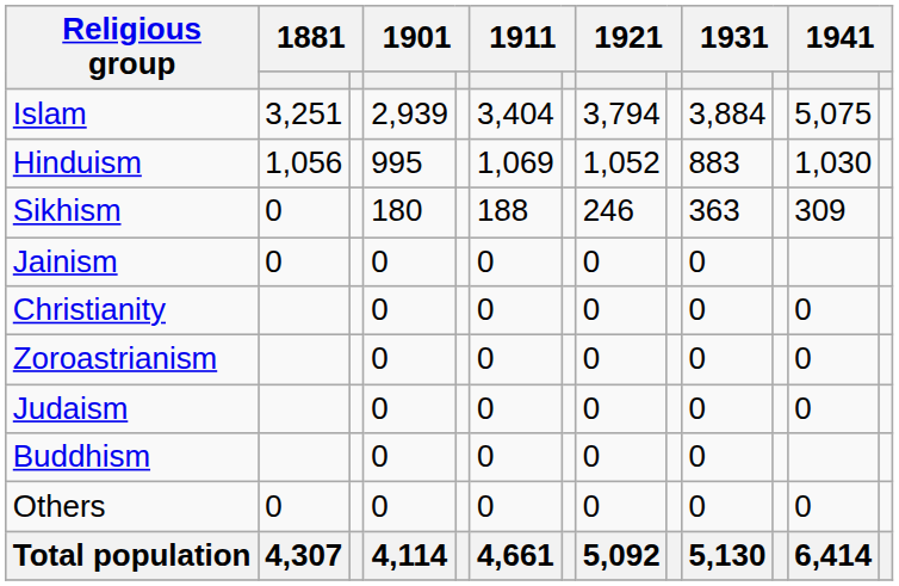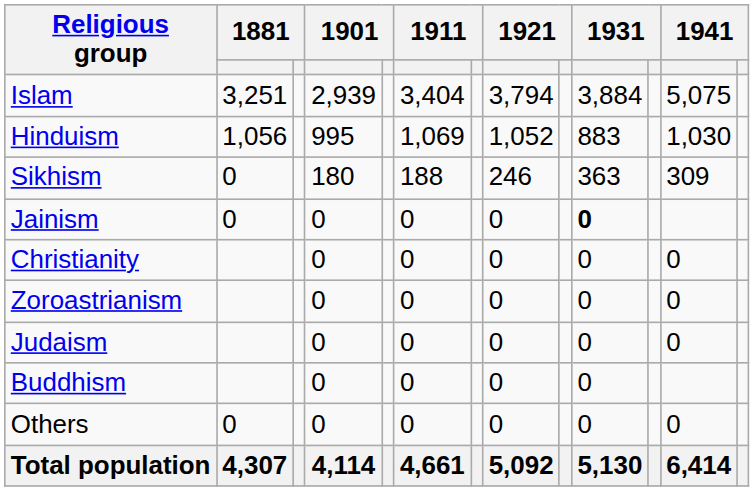 <table class="wikitable collapsible sortable">
 <tr>
 <th rowspan="2"><a href='#'>Religious</a><br>group</th>
 <th colspan="2">1881</th>
 <th colspan="2">1901</th>
 <th colspan="2">1911</th>
 <th colspan="2">1921</th>
 <th colspan="2">1931</th>
 <th colspan="2">1941</th>
 </tr>
 <tr>
 <th><a href='#'></a></th>
 <th></th>
 <th></th>
 <th></th>
 <th></th>
 <th></th>
 <th></th>
 <th></th>
 <th></th>
 <th></th>
 <th></th>
 <th></th>
 </tr>
 <tr>
 <td><a href='#'>Islam</a> </td>
 <td>3,251</td>
 <td></td>
 <td>2,939</td>
 <td></td>
 <td>3,404</td>
 <td></td>
 <td>3,794</td>
 <td></td>
 <td>3,884</td>
 <td></td>
 <td>5,075</td>
 <td></td>
 </tr>
 <tr>
 <td><a href='#'>Hinduism</a> </td>
 <td>1,056</td>
 <td></td>
 <td>995</td>
 <td></td>
 <td>1,069</td>
 <td></td>
 <td>1,052</td>
 <td></td>
 <td>883</td>
 <td></td>
 <td>1,030</td>
 <td></td>
 </tr>
 <tr>
 <td><a href='#'>Sikhism</a> </td>
 <td>0</td>
 <td></td>
 <td>180</td>
 <td></td>
 <td>188</td>
 <td></td>
 <td>246</td>
 <td></td>
 <td>363</td>
 <td></td>
 <td>309</td>
 <td></td>
 </tr>
 <tr>
 <td><a href='#'>Jainism</a> </td>
 <td>0</td>
 <td></td>
 <td>0</td>
 <td></td>
 <td>0</td>
 <td></td>
 <td>0</td>
 <td></td>
-<td>0</td>
+<td><strong>0</strong></td>
 <td></td>
 <td></td>
 <td></td>
 </tr>
 <tr>
 <td><a href='#'>Christianity</a> </td>
 <td></td>
 <td></td>
 <td>0</td>
 <td></td>
 <td>0</td>
 <td></td>
 <td>0</td>
 <td></td>
 <td>0</td>
 <td></td>
 <td>0</td>
 <td></td>
 </tr>
 <tr>
 <td><a href='#'>Zoroastrianism</a> </td>
 <td></td>
 <td></td>
 <td>0</td>
 <td></td>
 <td>0</td>
 <td></td>
 <td>0</td>
 <td></td>
 <td>0</td>
 <td></td>
 <td>0</td>
 <td></td>
 </tr>
 <tr>
 <td><a href='#'>Judaism</a> </td>
 <td></td>
 <td></td>
 <td>0</td>
 <td></td>
 <td>0</td>
 <td></td>
 <td>0</td>
 <td></td>
 <td>0</td>
 <td></td>
 <td>0</td>
 <td></td>
 </tr>
 <tr>
 <td><a href='#'>Buddhism</a> </td>
 <td></td>
 <td></td>
 <td>0</td>
 <td></td>
 <td>0</td>
 <td></td>
 <td>0</td>
 <td></td>
 <td>0</td>
 <td></td>
 <td></td>
 <td></td>
 </tr>
 <tr>
 <td>Others</td>
 <td>0</td>
 <td></td>
 <td>0</td>
 <td></td>
 <td>0</td>
 <td></td>
 <td>0</td>
 <td></td>
 <td>0</td>
 <td></td>
 <td>0</td>
 <td></td>
 </tr>
 <tr>
 <th>Total population</th>
 <th>4,307</th>
 <th></th>
 <th>4,114</th>
 <th></th>
 <th>4,661</th>
 <th></th>
 <th>5,092</th>
 <th></th>
 <th>5,130</th>
 <th></th>
 <th>6,414</th>
 <th></th>
 </tr>
 </table>
